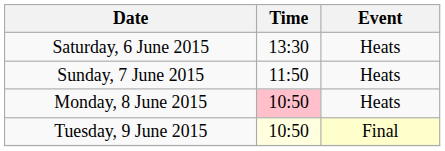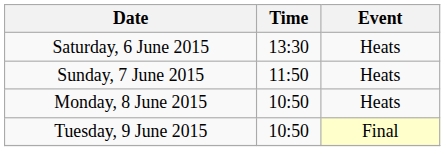 <table class = "wikitable" style="text-align:center;">
 <tr>
 <th width=220>Date</th>
 <th width=50>Time</th>
 <th width=100>Event</th>
 </tr>
 <tr>
 <td>Saturday, 6 June 2015</td>
 <td>13:30</td>
 <td>Heats</td>
 </tr>
 <tr>
 <td>Sunday, 7 June 2015</td>
 <td>11:50</td>
 <td>Heats</td>
 </tr>
 <tr>
 <td>Monday, 8 June 2015</td>
-<td style="background: pink;">10:50</td>
+<td>10:50</td>
 <td>Heats</td>
 </tr>
 <tr>
 <td>Tuesday, 9 June 2015</td>
-<td style="background: lightyellow;">10:50</td>
+<td>10:50</td>
 <td bgcolor=ffffcc>Final</td>
 </tr>
 <tr>
 </tr>
 </table>
